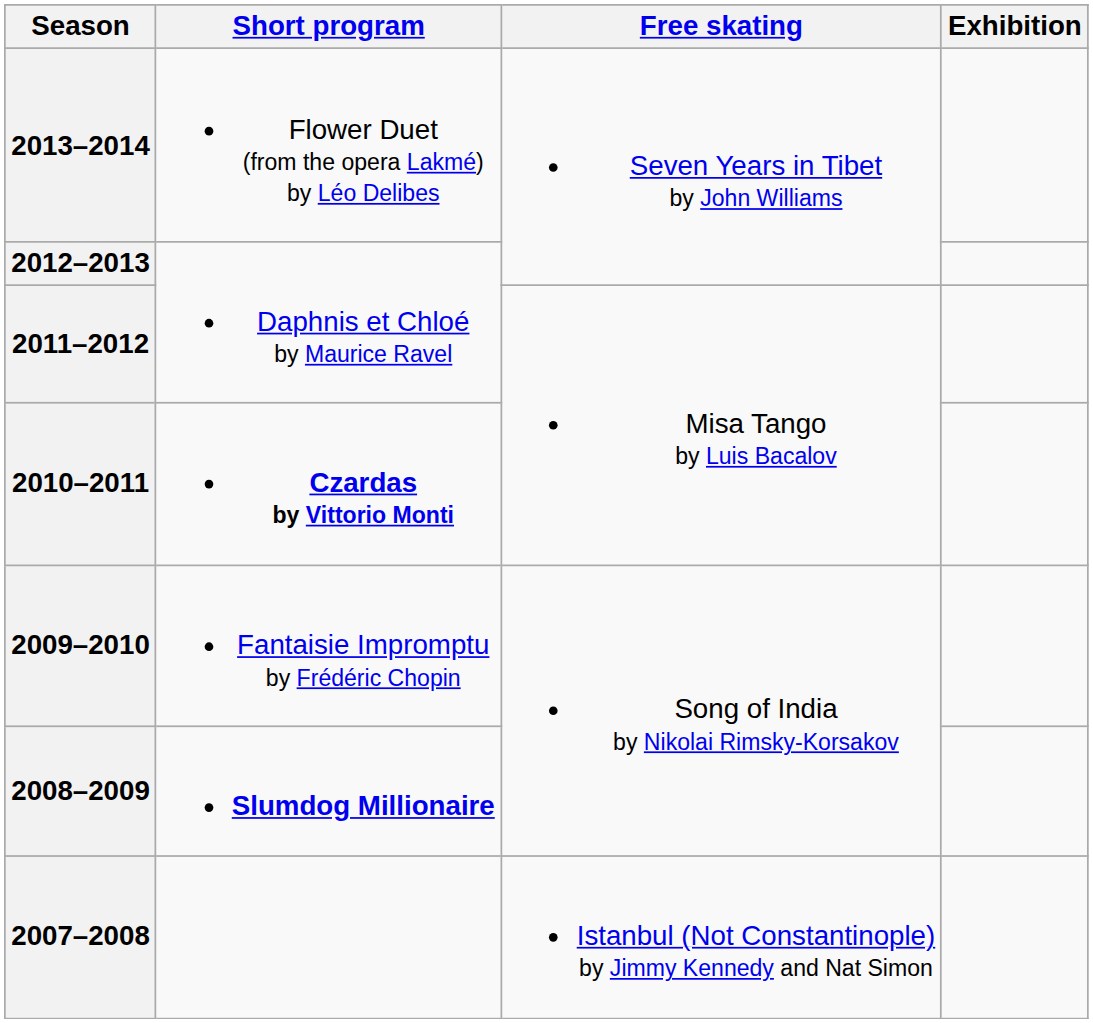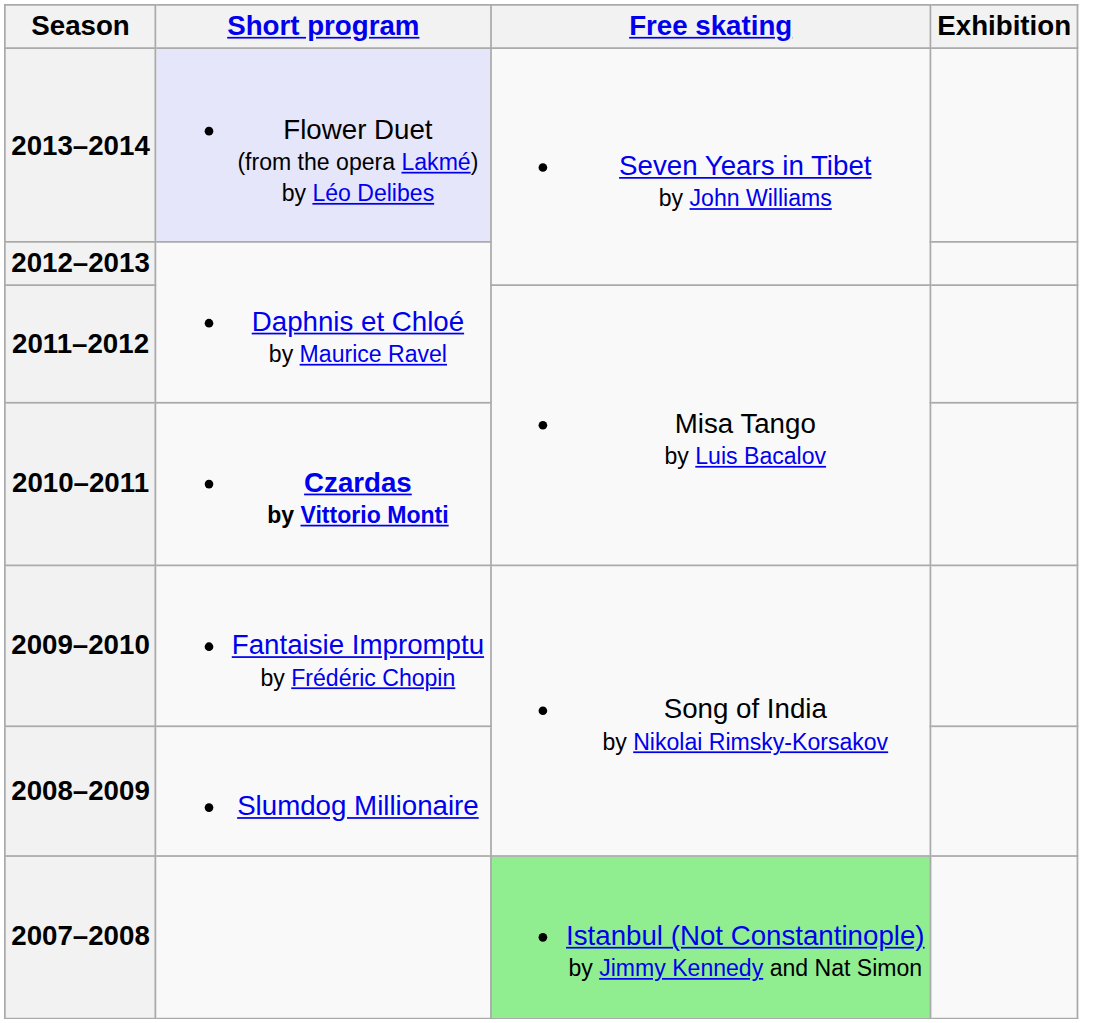 <table class="wikitable" style="text-align:center">
 <tr>
 <th>Season</th>
 <th><a href='#'>Short program</a></th>
 <th><a href='#'>Free skating</a></th>
 <th>Exhibition</th>
 </tr>
 <tr>
 <th>2013–2014 <br> </th>
-<td><br><ul><li>Flower Duet <br><small> (from the opera <a href='#'>Lakmé</a>) <br> by <a href='#'>Léo Delibes</a> </small></li></ul></td>
+<td style="background: lavender;"><br><ul><li>Flower Duet <br><small> (from the opera <a href='#'>Lakmé</a>) <br> by <a href='#'>Léo Delibes</a> </small></li></ul></td>
 <td rowspan=2><br><ul><li><a href='#'>Seven Years in Tibet</a> <br><small> by <a href='#'>John Williams</a> </small></li></ul></td>
 <td></td>
 </tr>
 <tr>
 <th>2012–2013 <br> </th>
 <td rowspan=2><br><ul><li><a href='#'>Daphnis et Chloé</a> <br><small> by <a href='#'>Maurice Ravel</a> </small></li></ul></td>
 <td></td>
 </tr>
 <tr>
 <th>2011–2012 <br> </th>
 <td rowspan=2><br><ul><li>Misa Tango <br><small> by <a href='#'>Luis Bacalov</a> </small></li></ul></td>
 <td></td>
 </tr>
 <tr>
 <th>2010–2011 <br> </th>
 <td><strong><br><ul><li><a href='#'>Czardas</a> <br><small> by <a href='#'>Vittorio Monti</a> </small></li></ul></strong></td>
 <td></td>
 </tr>
 <tr>
 <th>2009–2010 <br> </th>
 <td><br><ul><li><a href='#'>Fantaisie Impromptu</a> <br><small> by <a href='#'>Frédéric Chopin</a> </small></li></ul></td>
 <td rowspan=2><br><ul><li>Song of India <br><small> by <a href='#'>Nikolai Rimsky-Korsakov</a> </small></li></ul></td>
 <td></td>
 </tr>
 <tr>
 <th>2008–2009 <br> </th>
-<td><strong><br><ul><li><a href='#'>Slumdog Millionaire</a></li></ul></strong></td>
+<td><br><ul><li><a href='#'>Slumdog Millionaire</a></li></ul></td>
 <td></td>
 </tr>
 <tr>
 <th>2007–2008 <br> </th>
 <td></td>
-<td><br><ul><li><a href='#'>Istanbul (Not Constantinople)</a> <br><small> by <a href='#'>Jimmy Kennedy</a> and Nat Simon </small></li></ul></td>
+<td style="background: lightgreen;"><br><ul><li><a href='#'>Istanbul (Not Constantinople)</a> <br><small> by <a href='#'>Jimmy Kennedy</a> and Nat Simon </small></li></ul></td>
 <td></td>
 </tr>
 </table>
